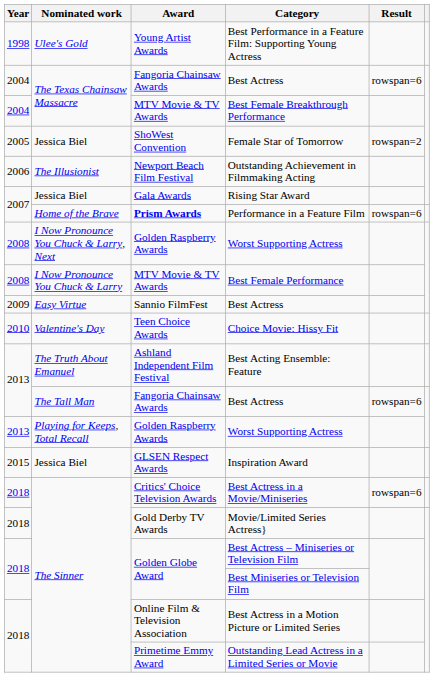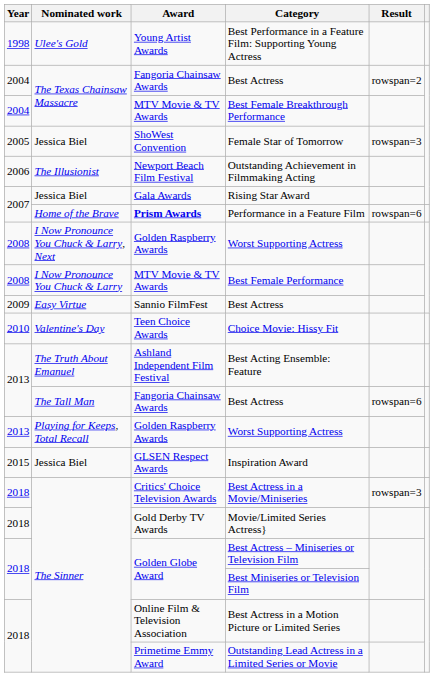 <table class="wikitable sortable sticky-header">
 <tr>
 <th scope="col">Year</th>
 <th scope="col">Nominated work</th>
 <th scope="col">Award</th>
 <th scope="col">Category</th>
 <th scope="col">Result</th>
 <th scope="col" class="unsortable"></th>
 </tr>
 <tr>
 <td><a href='#'>1998</a></td>
 <td><em><a href='#'>Ulee's Gold</a></em></td>
 <td><a href='#'>Young Artist Awards</a></td>
 <td>Best Performance in a Feature Film: Supporting Young Actress</td>
 <td></td>
 <td></td>
 </tr>
 <tr>
 <td>2004</td>
 <td rowspan=2><em><a href='#'>The Texas Chainsaw Massacre</a></em></td>
 <td><a href='#'>Fangoria Chainsaw Awards</a></td>
 <td>Best Actress</td>
-<td>rowspan=6 </td>
+<td>rowspan=2 </td>
 </tr>
 <tr>
 <td><a href='#'>2004</a></td>
 <td><a href='#'>MTV Movie & TV Awards</a></td>
 <td><a href='#'>Best Female Breakthrough Performance</a></td>
 <td></td>
 </tr>
 <tr>
 <td>2005</td>
 <td>Jessica Biel</td>
 <td><a href='#'>ShoWest Convention</a></td>
 <td>Female Star of Tomorrow</td>
-<td>rowspan=2 </td>
+<td>rowspan=3 </td>
 </tr>
 <tr>
 <td>2006</td>
 <td><em><a href='#'>The Illusionist</a></em></td>
 <td><a href='#'>Newport Beach Film Festival</a></td>
 <td>Outstanding Achievement in Filmmaking Acting</td>
 <td></td>
 </tr>
 <tr>
 <td rowspan=2>2007</td>
 <td>Jessica Biel</td>
 <td><a href='#'>Gala Awards</a></td>
 <td>Rising Star Award</td>
 <td></td>
 </tr>
 <tr>
 <td><em><a href='#'>Home of the Brave</a></em></td>
 <td><strong><a href='#'>Prism Awards</a></strong></td>
 <td>Performance in a Feature Film</td>
 <td>rowspan=6 </td>
 <td></td>
 </tr>
 <tr>
 <td><a href='#'>2008</a></td>
 <td><em><a href='#'>I Now Pronounce You Chuck & Larry</a></em>, <em><a href='#'>Next</a></em></td>
 <td><a href='#'>Golden Raspberry Awards</a></td>
 <td><a href='#'>Worst Supporting Actress</a></td>
 <td></td>
 </tr>
 <tr>
 <td><a href='#'>2008</a></td>
 <td><em><a href='#'>I Now Pronounce You Chuck & Larry</a></em></td>
 <td><a href='#'>MTV Movie & TV Awards</a></td>
 <td><a href='#'>Best Female Performance</a></td>
 <td></td>
 </tr>
 <tr>
 <td>2009</td>
 <td><em><a href='#'>Easy Virtue</a></em></td>
 <td>Sannio FilmFest</td>
 <td>Best Actress</td>
 <td></td>
 </tr>
 <tr>
 <td><a href='#'>2010</a></td>
 <td><em><a href='#'>Valentine's Day</a></em></td>
 <td><a href='#'>Teen Choice Awards</a></td>
 <td><a href='#'>Choice Movie: Hissy Fit</a></td>
 <td></td>
 <td></td>
 </tr>
 <tr>
 <td rowspan=2>2013</td>
 <td><em><a href='#'>The Truth About Emanuel</a></em></td>
 <td><a href='#'>Ashland Independent Film Festival</a></td>
 <td>Best Acting Ensemble: Feature</td>
 <td></td>
 <td></td>
 </tr>
 <tr>
 <td><em><a href='#'>The Tall Man</a></em></td>
 <td><a href='#'>Fangoria Chainsaw Awards</a></td>
 <td>Best Actress</td>
 <td>rowspan=6 </td>
 </tr>
 <tr>
 <td><a href='#'>2013</a></td>
 <td><em><a href='#'>Playing for Keeps</a></em>, <em><a href='#'>Total Recall</a></em></td>
 <td><a href='#'>Golden Raspberry Awards</a></td>
 <td><a href='#'>Worst Supporting Actress</a></td>
 <td></td>
 </tr>
 <tr>
 <td>2015</td>
 <td>Jessica Biel</td>
 <td><a href='#'>GLSEN Respect Awards</a></td>
 <td>Inspiration Award</td>
 <td></td>
 <td></td>
 </tr>
 <tr>
 <td><a href='#'>2018</a></td>
 <td rowspan=6><em><a href='#'>The Sinner</a></em></td>
 <td><a href='#'>Critics' Choice Television Awards</a></td>
 <td><a href='#'>Best Actress in a Movie/Miniseries</a></td>
-<td>rowspan=6 </td>
+<td>rowspan=3 </td>
 <td></td>
 </tr>
 <tr>
 <td>2018</td>
 <td>Gold Derby TV Awards</td>
 <td>Movie/Limited Series Actress}</td>
 <td></td>
 </tr>
 <tr>
 <td rowspan=2><a href='#'>2018</a></td>
 <td rowspan=2><a href='#'>Golden Globe Award</a></td>
 <td><a href='#'>Best Actress – Miniseries or Television Film</a></td>
 <td rowspan=2></td>
 </tr>
 <tr>
 <td><a href='#'>Best Miniseries or Television Film</a></td>
 </tr>
 <tr>
 <td rowspan=2>2018</td>
 <td>Online Film & Television Association</td>
 <td>Best Actress in a Motion Picture or Limited Series</td>
 <td></td>
 </tr>
 <tr>
 <td><a href='#'>Primetime Emmy Award</a></td>
 <td><a href='#'>Outstanding Lead Actress in a Limited Series or Movie</a></td>
 <td></td>
 </tr>
 </table>
